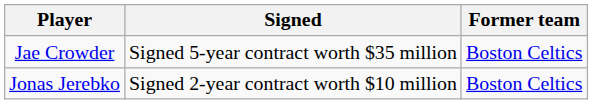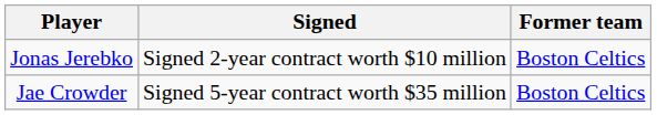 <table class="wikitable sortable sortable">
 <tr>
 <th>Player</th>
 <th>Signed</th>
 <th>Former team</th>
 </tr>
 <tr style="text-align: center">
+<td><a href='#'>Jonas Jerebko</a></td>
+<td>Signed 2-year contract worth $10 million</td>
+<td><a href='#'>Boston Celtics</a></td>
+</tr>
+<tr style="text-align: center">
 <td><a href='#'>Jae Crowder</a></td>
 <td>Signed 5-year contract worth $35 million</td>
 <td><a href='#'>Boston Celtics</a></td>
 </tr>
-<tr style="text-align: center">
-<td><a href='#'>Jonas Jerebko</a></td>
-<td>Signed 2-year contract worth $10 million</td>
-<td><a href='#'>Boston Celtics</a></td>
-</tr>
 </table>
